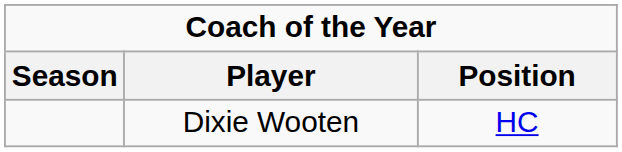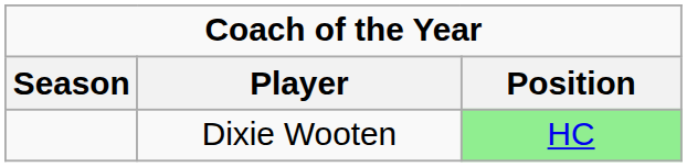 <table class="wikitable sortable" style="text-align:center">
 <tr>
 <td colspan="4"><strong>Coach of the Year</strong></td>
 </tr>
 <tr>
 <th style="width:50px; ">Season</th>
 <th style="width:150px; ">Player</th>
 <th style="width:100px; ">Position</th>
 </tr>
 <tr>
 <td></td>
 <td>Dixie Wooten</td>
-<td><a href='#'>HC</a></td>
+<td style="background: lightgreen;"><a href='#'>HC</a></td>
 </tr>
 </table>
